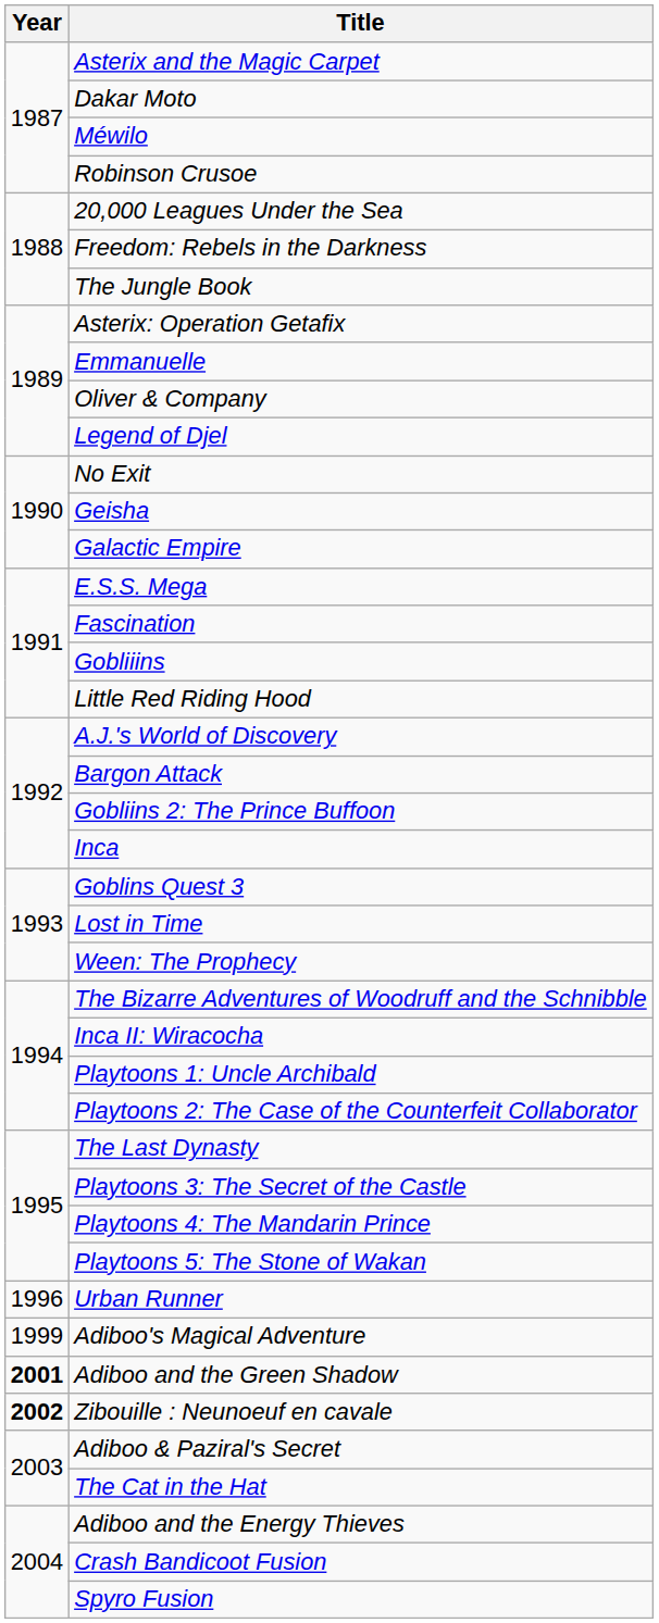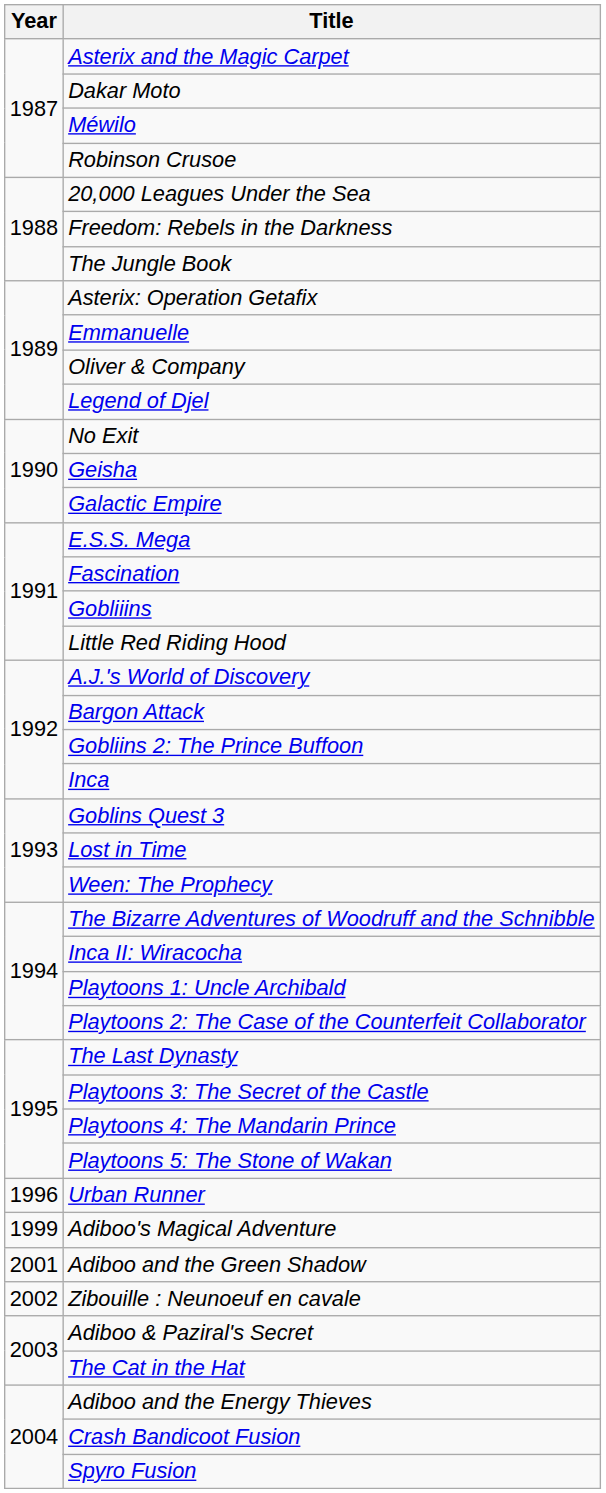 <table class="wikitable sortable">
 <tr>
 <th>Year</th>
 <th>Title</th>
 </tr>
 <tr>
 <td rowspan="4">1987</td>
 <td><em><a href='#'>Asterix and the Magic Carpet</a></em></td>
 </tr>
 <tr>
 <td><em>Dakar Moto</em></td>
 </tr>
 <tr>
 <td><em><a href='#'>Méwilo</a></em></td>
 </tr>
 <tr>
 <td><em>Robinson Crusoe</em></td>
 </tr>
 <tr>
 <td rowspan="3">1988</td>
 <td><em>20,000 Leagues Under the Sea</em></td>
 </tr>
 <tr>
 <td><em>Freedom: Rebels in the Darkness</em></td>
 </tr>
 <tr>
 <td><em>The Jungle Book</em></td>
 </tr>
 <tr>
 <td rowspan="4">1989</td>
 <td><em>Asterix: Operation Getafix</em></td>
 </tr>
 <tr>
 <td><em><a href='#'>Emmanuelle</a></em></td>
 </tr>
 <tr>
 <td><em>Oliver & Company</em></td>
 </tr>
 <tr>
 <td><em><a href='#'>Legend of Djel</a></em></td>
 </tr>
 <tr>
 <td rowspan="3">1990</td>
 <td><em>No Exit</em></td>
 </tr>
 <tr>
 <td><em><a href='#'>Geisha</a></em></td>
 </tr>
 <tr>
 <td><em><a href='#'>Galactic Empire</a></em></td>
 </tr>
 <tr>
 <td rowspan="4">1991</td>
 <td><em><a href='#'>E.S.S. Mega</a></em></td>
 </tr>
 <tr>
 <td><em><a href='#'>Fascination</a></em></td>
 </tr>
 <tr>
 <td><em><a href='#'>Gobliiins</a></em></td>
 </tr>
 <tr>
 <td><em>Little Red Riding Hood</em></td>
 </tr>
 <tr>
 <td rowspan="4">1992</td>
 <td><em><a href='#'>A.J.'s World of Discovery</a></em></td>
 </tr>
 <tr>
 <td><em><a href='#'>Bargon Attack</a></em></td>
 </tr>
 <tr>
 <td><em><a href='#'>Gobliins 2: The Prince Buffoon</a></em></td>
 </tr>
 <tr>
 <td><em><a href='#'>Inca</a></em></td>
 </tr>
 <tr>
 <td rowspan="3">1993</td>
 <td><em><a href='#'>Goblins Quest 3</a></em></td>
 </tr>
 <tr>
 <td><em><a href='#'>Lost in Time</a></em></td>
 </tr>
 <tr>
 <td><em><a href='#'>Ween: The Prophecy</a></em></td>
 </tr>
 <tr>
 <td rowspan="4">1994</td>
 <td><em><a href='#'>The Bizarre Adventures of Woodruff and the Schnibble</a></em></td>
 </tr>
 <tr>
 <td><em><a href='#'>Inca II: Wiracocha</a></em></td>
 </tr>
 <tr>
 <td><em><a href='#'>Playtoons 1: Uncle Archibald</a></em></td>
 </tr>
 <tr>
 <td><em><a href='#'>Playtoons 2: The Case of the Counterfeit Collaborator</a></em></td>
 </tr>
 <tr>
 <td rowspan="4">1995</td>
 <td><em><a href='#'>The Last Dynasty</a></em></td>
 </tr>
 <tr>
 <td><em><a href='#'>Playtoons 3: The Secret of the Castle</a></em></td>
 </tr>
 <tr>
 <td><em><a href='#'>Playtoons 4: The Mandarin Prince</a></em></td>
 </tr>
 <tr>
 <td><em><a href='#'>Playtoons 5: The Stone of Wakan</a></em></td>
 </tr>
 <tr>
 <td>1996</td>
 <td><em><a href='#'>Urban Runner</a></em></td>
 </tr>
 <tr>
 <td>1999</td>
 <td><em>Adiboo's Magical Adventure</em></td>
 </tr>
 <tr>
-<td><strong>2001</strong></td>
+<td>2001</td>
 <td><em>Adiboo and the Green Shadow</em></td>
 </tr>
 <tr>
-<td><strong>2002</strong></td>
+<td>2002</td>
 <td><em>Zibouille : Neunoeuf en cavale</em></td>
 </tr>
 <tr>
 <td rowspan="2">2003</td>
 <td><em>Adiboo & Paziral's Secret</em></td>
 </tr>
 <tr>
 <td><em><a href='#'>The Cat in the Hat</a></em></td>
 </tr>
 <tr>
 <td rowspan="3">2004</td>
 <td><em>Adiboo and the Energy Thieves</em></td>
 </tr>
 <tr>
 <td><em><a href='#'>Crash Bandicoot Fusion</a></em></td>
 </tr>
 <tr>
 <td><em><a href='#'>Spyro Fusion</a></em></td>
 </tr>
 </table>
